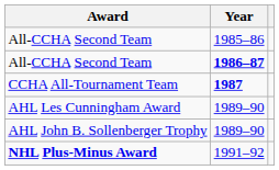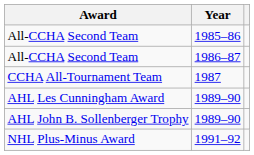 <table class="wikitable">
 <tr>
 <th>Award</th>
 <th>Year</th>
 <th></th>
 </tr>
 <tr>
 <td>All-<a href='#'>CCHA</a> <a href='#'>Second Team</a></td>
 <td><a href='#'>1985–86</a></td>
 <td></td>
 </tr>
 <tr>
 <td>All-<a href='#'>CCHA</a> <a href='#'>Second Team</a></td>
-<td><strong><a href='#'>1986–87</a></strong></td>
+<td><a href='#'>1986–87</a></td>
 <td></td>
 </tr>
 <tr>
 <td><a href='#'>CCHA</a> <a href='#'>All-Tournament Team</a></td>
-<td><strong><a href='#'>1987</a></strong></td>
+<td><a href='#'>1987</a></td>
 <td></td>
 </tr>
 <tr>
 <td><a href='#'>AHL</a> <a href='#'>Les Cunningham Award</a></td>
 <td><a href='#'>1989–90</a></td>
 <td></td>
 </tr>
 <tr>
 <td><a href='#'>AHL</a> <a href='#'>John B. Sollenberger Trophy</a></td>
 <td><a href='#'>1989–90</a></td>
 <td></td>
 </tr>
 <tr>
-<td><strong><a href='#'>NHL</a> <a href='#'>Plus-Minus Award</a></strong></td>
+<td><a href='#'>NHL</a> <a href='#'>Plus-Minus Award</a></td>
 <td><a href='#'>1991–92</a></td>
 <td></td>
 </tr>
 </table>
